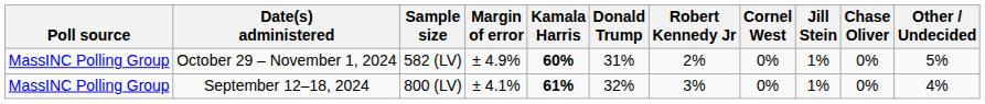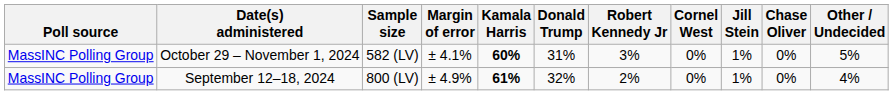 <table class="wikitable sortable mw-datatable" style="font-size:90%;text-align:center;line-height:17px">
 <tr valign=bottom>
 <th>Poll source</th>
 <th>Date(s)<br>administered</th>
 <th>Sample<br>size</th>
 <th>Margin<br>of error</th>
 <th class="unsortable">Kamala<br>Harris<br></th>
 <th class="unsortable">Donald<br>Trump<br></th>
 <th class="unsortable">Robert<br>Kennedy Jr<br></th>
 <th class="unsortable">Cornel<br>West<br></th>
 <th class="unsortable">Jill<br>Stein<br></th>
 <th class="unsortable">Chase<br>Oliver<br></th>
 <th class="unsortable">Other /<br>Undecided</th>
 </tr>
 <tr>
 <td style="text-align:left;"><a href='#'>MassINC Polling Group</a></td>
 <td data-sort-value=2024-11-01>October 29 – November 1, 2024</td>
 <td>582 (LV)</td>
-<td>± 4.9%</td>
+<td>± 4.1%</td>
 <td style="color:black;background-color:"><strong>60%</strong></td>
 <td>31%</td>
-<td>2%</td>
+<td>3%</td>
 <td>0%</td>
 <td>1%</td>
 <td>0%</td>
 <td>5%</td>
 </tr>
 <tr>
 <td style="text-align:left;"><a href='#'>MassINC Polling Group</a></td>
 <td data-sort-value="2024-09-18">September 12–18, 2024</td>
 <td>800 (LV)</td>
-<td>± 4.1%</td>
+<td>± 4.9%</td>
 <td style="color:black;background-color:"><strong>61%</strong></td>
 <td>32%</td>
-<td>3%</td>
+<td>2%</td>
 <td>0%</td>
 <td>1%</td>
 <td>0%</td>
 <td>4%</td>
 </tr>
 </table>
